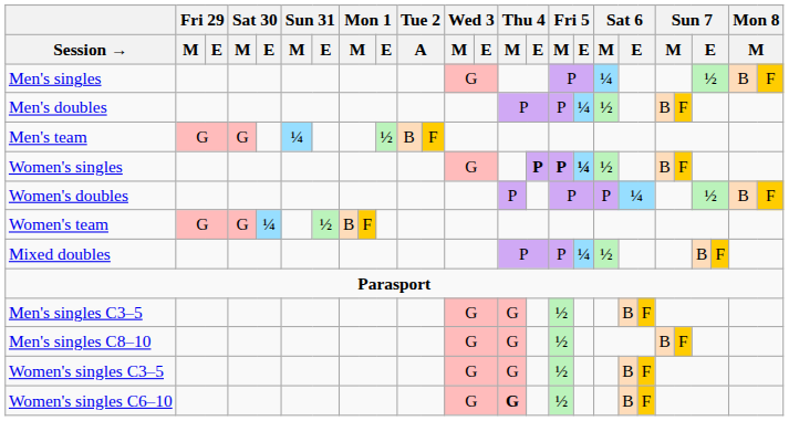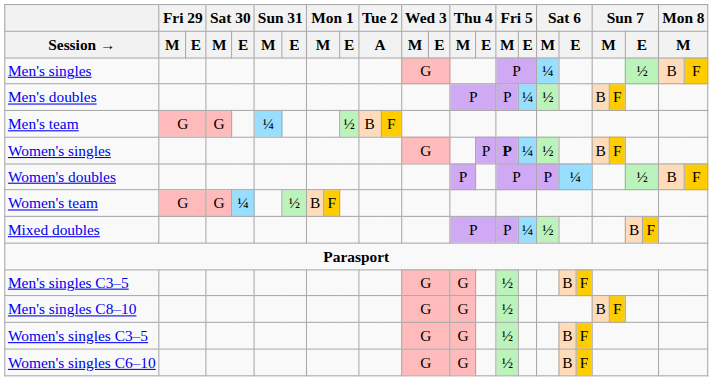 <table class="wikitable" style="margin:0.5em auto; font-size:90%; line-height:1.25em; text-align:center;">
 <tr>
 <th></th>
 <th colspan=2>Fri 29</th>
 <th colspan=2>Sat 30</th>
 <th colspan=2>Sun 31</th>
 <th colspan=3>Mon 1</th>
 <th colspan=2>Tue 2</th>
 <th colspan=2>Wed 3</th>
 <th colspan=2>Thu 4</th>
 <th colspan=2>Fri 5</th>
 <th colspan=3>Sat 6</th>
 <th colspan=4>Sun 7</th>
 <th colspan=2>Mon 8</th>
 </tr>
 <tr>
 <th>Session →</th>
 <th>M</th>
 <th>E</th>
 <th>M</th>
 <th>E</th>
 <th>M</th>
 <th>E</th>
 <th colspan=2>M</th>
 <th>E</th>
 <th colspan=2>A</th>
 <th>M</th>
 <th>E</th>
 <th>M</th>
 <th>E</th>
 <th>M</th>
 <th>E</th>
 <th>M</th>
 <th colspan=2>E</th>
 <th colspan=2>M</th>
 <th colspan=2>E</th>
 <th colspan=2>M</th>
 </tr>
 <tr>
 <td style="text-align:left;"><a href='#'>Men's singles</a></td>
 <td colspan=2></td>
 <td colspan=2></td>
 <td colspan=2></td>
 <td colspan=3></td>
 <td colspan=2></td>
 <td colspan="2" style="background-color:#FFBBBB;">G</td>
 <td colspan=2></td>
 <td colspan="2" style="background-color:#D0A9F5;">P</td>
 <td style="background-color:#97DEFF;">¼</td>
 <td colspan=2></td>
 <td colspan=2></td>
 <td colspan="2" style="background-color:#BBF3BB;">½</td>
 <td style="background-color:#FEDCBA;">B</td>
 <td style="background-color:#FFCC00;">F</td>
 </tr>
 <tr>
 <td style="text-align:left;"><a href='#'>Men's doubles</a></td>
 <td colspan=2></td>
 <td colspan=2></td>
 <td colspan=2></td>
 <td colspan=3></td>
 <td colspan=2></td>
 <td colspan=2></td>
 <td colspan="2" style="background-color:#D0A9F5;">P</td>
 <td style="background-color:#D0A9F5;">P</td>
 <td style="background-color:#97DEFF;">¼</td>
 <td style="background-color:#BBF3BB;">½</td>
 <td colspan=2></td>
 <td style="background-color:#FEDCBA;">B</td>
 <td style="background-color:#FFCC00;">F</td>
 <td colspan=2></td>
 <td colspan=2></td>
 </tr>
 <tr>
 <td style="text-align:left;"><a href='#'>Men's team</a></td>
 <td colspan="2" style="background-color:#FFBBBB;">G</td>
 <td style="background-color:#FFBBBB;">G</td>
 <td></td>
 <td style="background-color:#97DEFF;">¼</td>
 <td></td>
 <td colspan=2></td>
 <td style="background-color:#BBF3BB;">½</td>
 <td style="background-color:#FEDCBA;">B</td>
 <td style="background-color:#FFCC00;">F</td>
 <td colspan=2></td>
 <td colspan=2></td>
 <td colspan=2></td>
 <td colspan=3></td>
 <td colspan=4></td>
 <td colspan=2></td>
 </tr>
 <tr>
 <td style="text-align:left;"><a href='#'>Women's singles</a></td>
 <td colspan=2></td>
 <td colspan=2></td>
 <td colspan=2></td>
 <td colspan=3></td>
 <td colspan=2></td>
 <td colspan="2" style="background-color:#FFBBBB;">G</td>
 <td></td>
+<td style="background-color:#D0A9F5;">P</td>
 <td style="background-color:#D0A9F5;"><strong>P</strong></td>
-<td style="background-color:#D0A9F5;"><strong>P</strong></td>
-<td style="background-color:#97DEFF;"><strong>¼</strong></td>
+<td style="background-color:#97DEFF;">¼</td>
 <td style="background-color:#BBF3BB;">½</td>
 <td colspan=2></td>
 <td style="background-color:#FEDCBA;">B</td>
 <td style="background-color:#FFCC00;">F</td>
 <td colspan=2></td>
 <td colspan=2></td>
 </tr>
 <tr>
 <td style="text-align:left;"><a href='#'>Women's doubles</a></td>
 <td colspan=2></td>
 <td colspan=2></td>
 <td colspan=2></td>
 <td colspan=3></td>
 <td colspan=2></td>
 <td colspan=2></td>
 <td style="background-color:#D0A9F5;">P</td>
 <td></td>
 <td colspan="2" style="background-color:#D0A9F5;">P</td>
 <td style="background-color:#D0A9F5;">P</td>
 <td colspan="2" style="background-color:#97DEFF;">¼</td>
 <td colspan=2></td>
 <td colspan="2" style="background-color:#BBF3BB;">½</td>
 <td style="background-color:#FEDCBA;">B</td>
 <td style="background-color:#FFCC00;">F</td>
 </tr>
 <tr>
 <td style="text-align:left;"><a href='#'>Women's team</a></td>
 <td colspan="2" style="background-color:#FFBBBB;">G</td>
 <td style="background-color:#FFBBBB;">G</td>
 <td style="background-color:#97DEFF;">¼</td>
 <td></td>
 <td style="background-color:#BBF3BB;">½</td>
 <td style="background-color:#FEDCBA;">B</td>
 <td style="background-color:#FFCC00;">F</td>
 <td></td>
 <td colspan=2></td>
 <td colspan=2></td>
 <td colspan=2></td>
 <td colspan=2></td>
 <td colspan=3></td>
 <td colspan=4></td>
 <td colspan=2></td>
 </tr>
 <tr>
 <td style="text-align:left;"><a href='#'>Mixed doubles</a></td>
 <td colspan=2></td>
 <td colspan=2></td>
 <td colspan=2></td>
 <td colspan=3></td>
 <td colspan=2></td>
 <td colspan=2></td>
 <td colspan="2" style="background-color:#D0A9F5;">P</td>
 <td style="background-color:#D0A9F5;">P</td>
 <td style="background-color:#97DEFF;">¼</td>
 <td style="background-color:#BBF3BB;">½</td>
 <td colspan=2></td>
 <td colspan=2></td>
 <td style="background-color:#FEDCBA;">B</td>
 <td style="background-color:#FFCC00;">F</td>
 <td colspan=2></td>
 </tr>
 <tr>
 <td colspan=27><strong>Parasport</strong></td>
 </tr>
 <tr>
 <td style="text-align:left;"><a href='#'>Men's singles C3–5</a></td>
 <td colspan=2></td>
 <td colspan=2></td>
 <td colspan=2></td>
 <td colspan=3></td>
 <td colspan=2></td>
 <td colspan="2" style="background-color:#FFBBBB;">G</td>
 <td style="background-color:#FFBBBB;">G</td>
 <td></td>
 <td style="background-color:#BBF3BB;">½</td>
 <td></td>
 <td></td>
 <td style="background-color:#FEDCBA;">B</td>
 <td style="background-color:#FFCC00;">F</td>
 <td colspan=4></td>
 <td colspan=2></td>
 </tr>
 <tr>
 <td style="text-align:left;"><a href='#'>Men's singles C8–10</a></td>
 <td colspan=2></td>
 <td colspan=2></td>
 <td colspan=2></td>
 <td colspan=3></td>
 <td colspan=2></td>
 <td colspan="2" style="background-color:#FFBBBB;">G</td>
 <td style="background-color:#FFBBBB;">G</td>
 <td></td>
 <td style="background-color:#BBF3BB;">½</td>
 <td></td>
 <td colspan=3></td>
 <td style="background-color:#FEDCBA;">B</td>
 <td style="background-color:#FFCC00;">F</td>
 <td colspan=2></td>
 <td colspan=2></td>
 </tr>
 <tr>
 <td style="text-align:left;"><a href='#'>Women's singles C3–5</a></td>
 <td colspan=2></td>
 <td colspan=2></td>
 <td colspan=2></td>
 <td colspan=3></td>
 <td colspan=2></td>
 <td colspan="2" style="background-color:#FFBBBB;">G</td>
 <td style="background-color:#FFBBBB;">G</td>
 <td></td>
 <td style="background-color:#BBF3BB;">½</td>
 <td></td>
 <td></td>
 <td style="background-color:#FEDCBA;">B</td>
 <td style="background-color:#FFCC00;">F</td>
 <td colspan=4></td>
 <td colspan=2></td>
 </tr>
 <tr>
 <td style="text-align:left;"><a href='#'>Women's singles C6–10</a></td>
 <td colspan=2></td>
 <td colspan=2></td>
 <td colspan=2></td>
 <td colspan=3></td>
 <td colspan=2></td>
 <td colspan="2" style="background-color:#FFBBBB;">G</td>
-<td style="background-color:#FFBBBB;"><strong>G</strong></td>
+<td style="background-color:#FFBBBB;">G</td>
 <td></td>
 <td style="background-color:#BBF3BB;">½</td>
 <td></td>
 <td></td>
 <td style="background-color:#FEDCBA;">B</td>
 <td style="background-color:#FFCC00;">F</td>
 <td colspan=4></td>
 <td colspan=2></td>
 </tr>
 </table>
